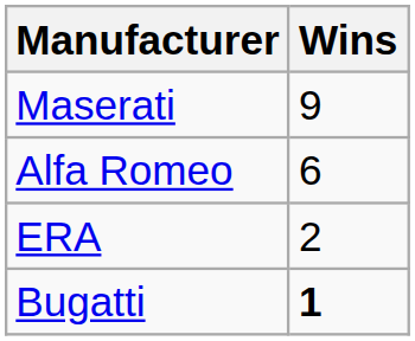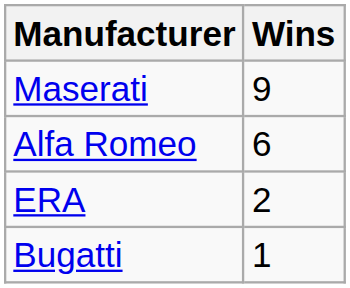 <table class="wikitable" style="font-size:95%">
 <tr>
 <th>Manufacturer</th>
 <th>Wins</th>
 </tr>
 <tr>
 <td> <a href='#'>Maserati</a></td>
 <td>9</td>
 </tr>
 <tr>
 <td> <a href='#'>Alfa Romeo</a></td>
 <td>6</td>
 </tr>
 <tr>
 <td> <a href='#'>ERA</a></td>
 <td>2</td>
 </tr>
 <tr>
 <td> <a href='#'>Bugatti</a></td>
-<td><strong>1</strong></td>
+<td>1</td>
 </tr>
 </table>
